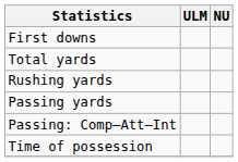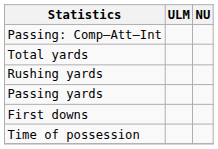 <table class="wikitable" style="float: left;">
 <tr>
 <th>Statistics</th>
 <th>ULM</th>
 <th>NU</th>
 </tr>
 <tr>
-<td>First downs</td>
+<td>Passing: Comp–Att–Int</td>
 <td></td>
 <td></td>
 </tr>
 <tr>
 <td>Total yards</td>
 <td></td>
 <td></td>
 </tr>
 <tr>
 <td>Rushing yards</td>
 <td></td>
 <td></td>
 </tr>
 <tr>
 <td>Passing yards</td>
 <td></td>
 <td></td>
 </tr>
 <tr>
-<td>Passing: Comp–Att–Int</td>
+<td>First downs</td>
 <td></td>
 <td></td>
 </tr>
 <tr>
 <td>Time of possession</td>
 <td></td>
 <td></td>
 </tr>
 <tr>
 </tr>
 </table>
